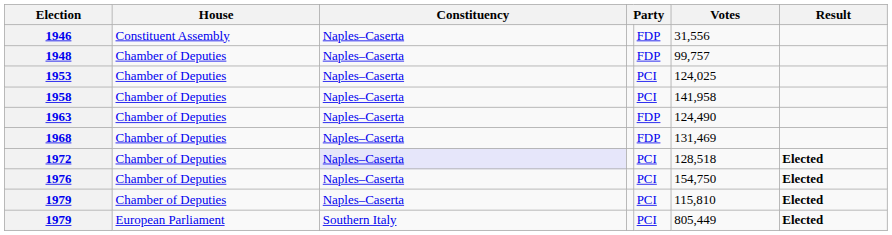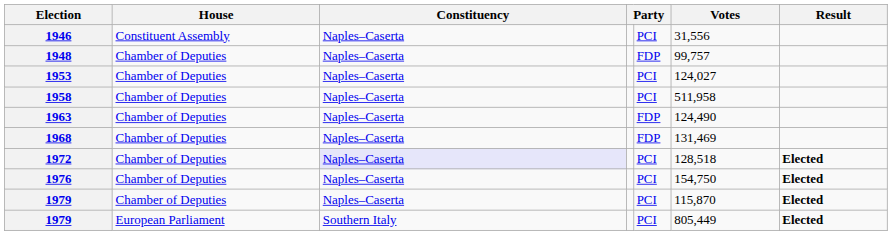 <table class=wikitable style="width:55%; border:1px #AAAAFF solid">
 <tr>
 <th width=12%>Election</th>
 <th width=23%>House</th>
 <th width=34%>Constituency</th>
 <th width=5% colspan="2">Party</th>
 <th width=12%>Votes</th>
 <th width=12%>Result</th>
 </tr>
 <tr>
 <th><a href='#'>1946</a></th>
 <td><a href='#'>Constituent Assembly</a></td>
 <td><a href='#'>Naples–Caserta</a></td>
 <td></td>
-<td><a href='#'>FDP</a></td>
+<td><a href='#'>PCI</a></td>
 <td>31,556</td>
 <td></td>
 </tr>
 <tr>
 <th><a href='#'>1948</a></th>
 <td><a href='#'>Chamber of Deputies</a></td>
 <td><a href='#'>Naples–Caserta</a></td>
 <td></td>
 <td><a href='#'>FDP</a></td>
 <td>99,757</td>
 <td></td>
 </tr>
 <tr>
 <th><a href='#'>1953</a></th>
 <td><a href='#'>Chamber of Deputies</a></td>
 <td><a href='#'>Naples–Caserta</a></td>
 <td></td>
 <td><a href='#'>PCI</a></td>
-<td>124,025</td>
+<td>124,027</td>
 <td></td>
 </tr>
 <tr>
 <th><a href='#'>1958</a></th>
 <td><a href='#'>Chamber of Deputies</a></td>
 <td><a href='#'>Naples–Caserta</a></td>
 <td></td>
 <td><a href='#'>PCI</a></td>
-<td>141,958</td>
+<td>511,958</td>
 <td></td>
 </tr>
 <tr>
 <th><a href='#'>1963</a></th>
 <td><a href='#'>Chamber of Deputies</a></td>
 <td><a href='#'>Naples–Caserta</a></td>
 <td></td>
 <td><a href='#'>FDP</a></td>
 <td>124,490</td>
 <td></td>
 </tr>
 <tr>
 <th><a href='#'>1968</a></th>
 <td><a href='#'>Chamber of Deputies</a></td>
 <td><a href='#'>Naples–Caserta</a></td>
 <td></td>
 <td><a href='#'>FDP</a></td>
 <td>131,469</td>
 <td></td>
 </tr>
 <tr>
 <th><a href='#'>1972</a></th>
 <td><a href='#'>Chamber of Deputies</a></td>
 <td style="background: lavender;"><a href='#'>Naples–Caserta</a></td>
 <td></td>
 <td><a href='#'>PCI</a></td>
 <td>128,518</td>
 <td> <strong>Elected</strong></td>
 </tr>
 <tr>
 <th><a href='#'>1976</a></th>
 <td><a href='#'>Chamber of Deputies</a></td>
 <td><a href='#'>Naples–Caserta</a></td>
 <td></td>
 <td><a href='#'>PCI</a></td>
 <td>154,750</td>
 <td> <strong>Elected</strong></td>
 </tr>
 <tr>
 <th><a href='#'>1979</a></th>
 <td><a href='#'>Chamber of Deputies</a></td>
 <td><a href='#'>Naples–Caserta</a></td>
 <td></td>
 <td><a href='#'>PCI</a></td>
-<td>115,810</td>
+<td>115,870</td>
 <td> <strong>Elected</strong></td>
 </tr>
 <tr>
 <th><a href='#'>1979</a></th>
 <td><a href='#'>European Parliament</a></td>
 <td><a href='#'>Southern Italy</a></td>
 <td></td>
 <td><a href='#'>PCI</a></td>
 <td>805,449</td>
 <td> <strong>Elected</strong></td>
 </tr>
 </table>
